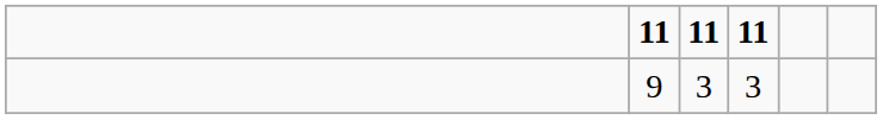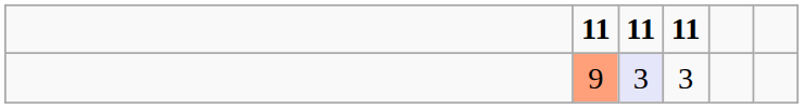 <table class="wikitable">
 <tr>
 <td style="width:18em"><strong></strong></td>
 <td align=center style="width:1em"><strong>11</strong></td>
 <td align=center style="width:1em"><strong>11</strong></td>
 <td align=center style="width:1em"><strong>11</strong></td>
 <td align=center style="width:1em"></td>
 <td align=center style="width:1em"></td>
 </tr>
 <tr>
 <td style="width:18em"></td>
-<td align=center style="width:1em">9</td>
-<td align=center style="width:1em">3</td>
+<td align=center style="background: lightsalmon; width:1em">9</td>
+<td align=center style="background: lavender; width:1em">3</td>
 <td align=center style="width:1em">3</td>
 <td align=center style="width:1em"></td>
 <td align=center style="width:1em"></td>
 </tr>
 </table>
